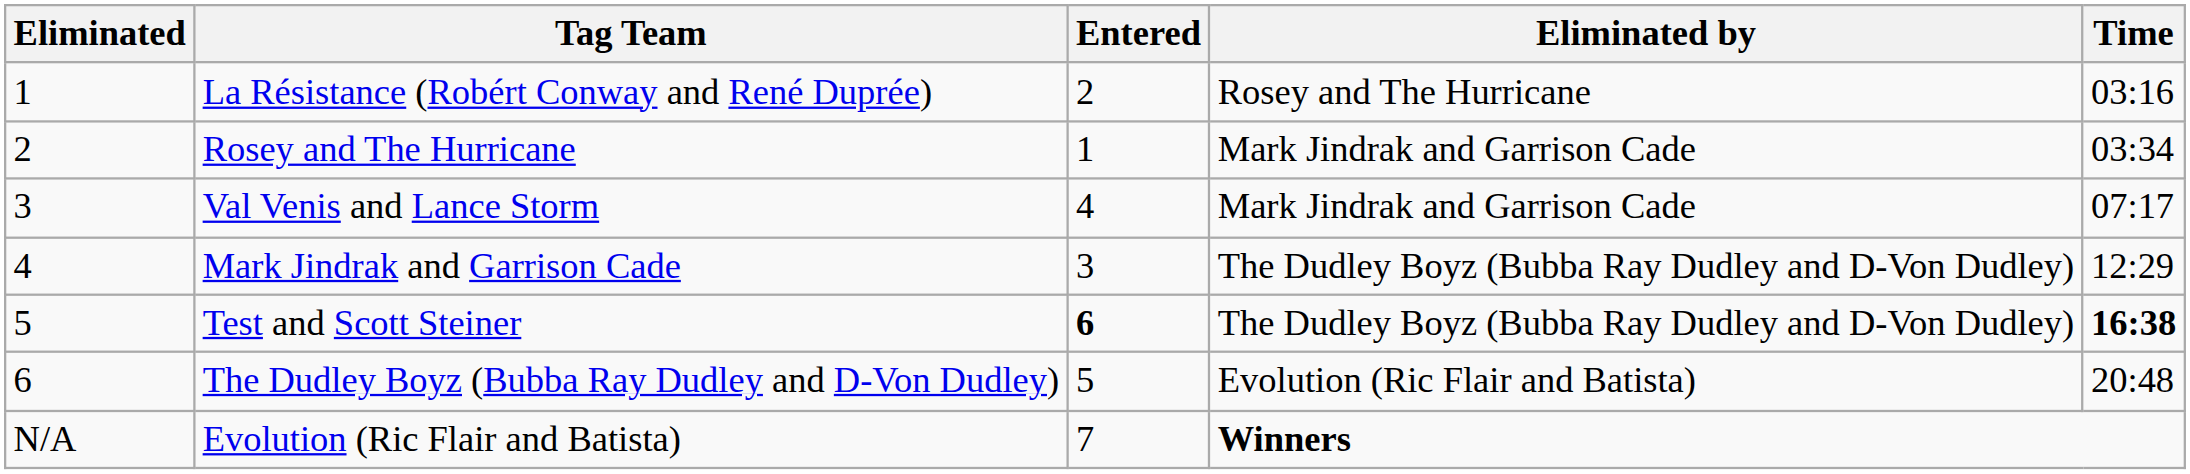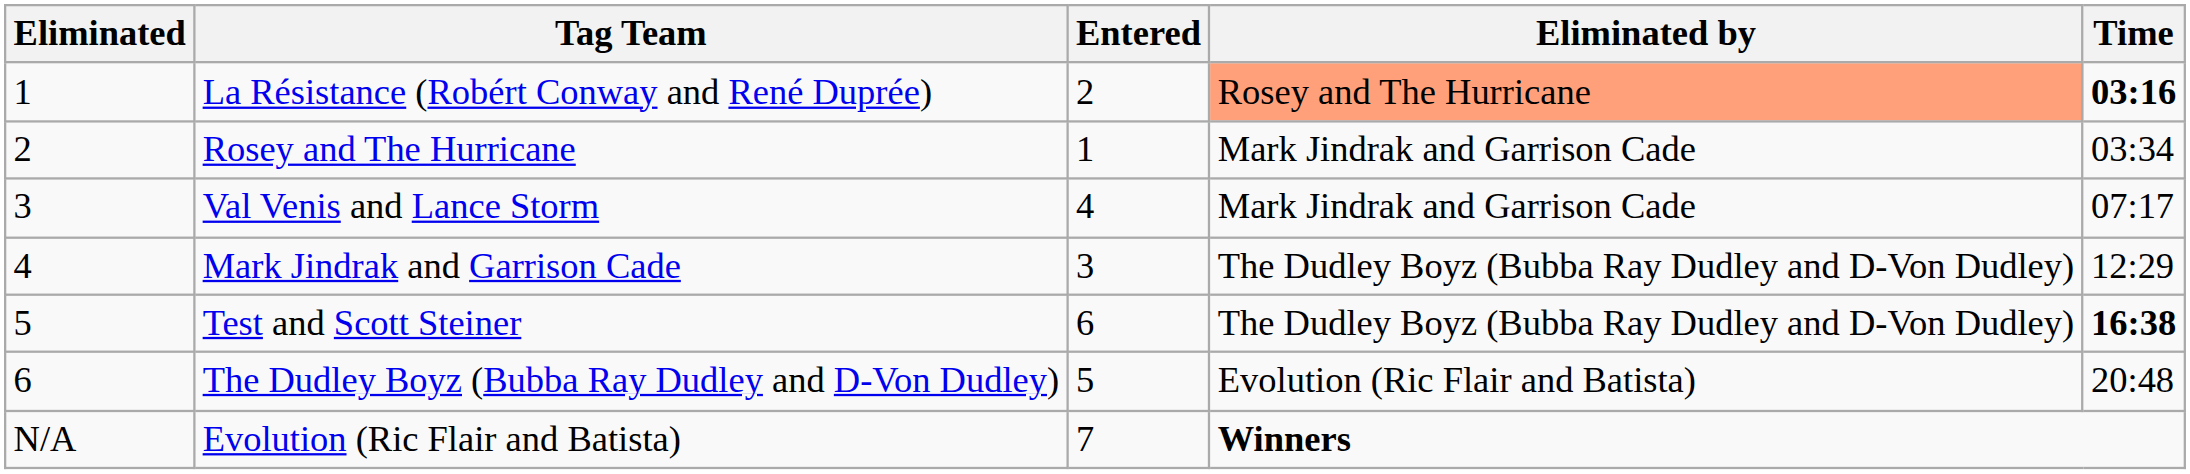 <table class="wikitable sortable">
 <tr>
 <th><strong>Eliminated</strong></th>
 <th><strong>Tag Team</strong></th>
 <th><strong>Entered</strong></th>
 <th><strong>Eliminated by</strong></th>
 <th><strong>Time</strong></th>
 </tr>
 <tr>
 <td>1</td>
 <td><a href='#'>La Résistance</a> (<a href='#'>Robért Conway</a> and <a href='#'>René Duprée</a>)</td>
 <td>2</td>
-<td>Rosey and The Hurricane</td>
-<td>03:16</td>
+<td style="background: lightsalmon;">Rosey and The Hurricane</td>
+<td><strong>03:16</strong></td>
 </tr>
 <tr>
 <td>2</td>
 <td><a href='#'>Rosey and The Hurricane</a></td>
 <td>1</td>
 <td>Mark Jindrak and Garrison Cade</td>
 <td>03:34</td>
 </tr>
 <tr>
 <td>3</td>
 <td><a href='#'>Val Venis</a> and <a href='#'>Lance Storm</a></td>
 <td>4</td>
 <td>Mark Jindrak and Garrison Cade</td>
 <td>07:17</td>
 </tr>
 <tr>
 <td>4</td>
 <td><a href='#'>Mark Jindrak</a> and <a href='#'>Garrison Cade</a></td>
 <td>3</td>
 <td>The Dudley Boyz (Bubba Ray Dudley and D-Von Dudley)</td>
 <td>12:29</td>
 </tr>
 <tr>
 <td>5</td>
 <td><a href='#'>Test</a> and <a href='#'>Scott Steiner</a></td>
-<td><strong>6</strong></td>
+<td>6</td>
 <td>The Dudley Boyz (Bubba Ray Dudley and D-Von Dudley)</td>
 <td><strong>16:38</strong></td>
 </tr>
 <tr>
 <td>6</td>
 <td><a href='#'>The Dudley Boyz</a> (<a href='#'>Bubba Ray Dudley</a> and <a href='#'>D-Von Dudley</a>)</td>
 <td>5</td>
 <td>Evolution (Ric Flair and Batista)</td>
 <td>20:48</td>
 </tr>
 <tr>
 <td>N/A</td>
 <td><a href='#'>Evolution</a> (Ric Flair and Batista)</td>
 <td>7</td>
 <td colspan="2"><strong>Winners</strong></td>
 </tr>
 </table>
